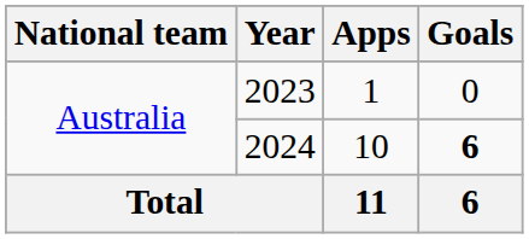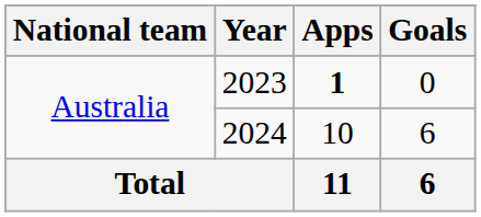 <table class="wikitable" style="text-align:center">
 <tr>
 <th>National team</th>
 <th>Year</th>
 <th>Apps</th>
 <th>Goals</th>
 </tr>
 <tr>
 <td rowspan="2"><a href='#'>Australia</a></td>
 <td>2023</td>
-<td>1</td>
+<td><strong>1</strong></td>
 <td>0</td>
 </tr>
 <tr>
 <td>2024</td>
 <td>10</td>
-<td><strong>6</strong></td>
+<td>6</td>
 </tr>
 <tr>
 <th colspan="2">Total</th>
 <th>11</th>
 <th>6</th>
 </tr>
 </table>
